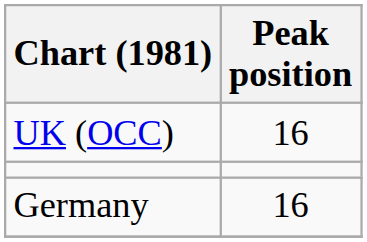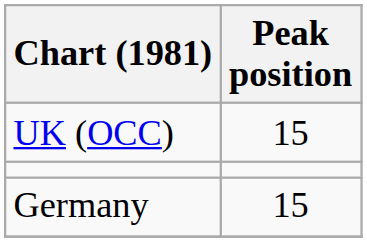 <table class="wikitable sortable">
 <tr>
 <th>Chart (1981)</th>
 <th>Peak<br>position</th>
 </tr>
 <tr>
 <td><a href='#'>UK</a> (<a href='#'>OCC</a>)</td>
-<td style="text-align:center;">16</td>
+<td style="text-align:center;">15</td>
 </tr>
 <tr>
 <td></td>
 </tr>
 <tr>
 <td>Germany</td>
-<td style="text-align:center;">16</td>
+<td style="text-align:center;">15</td>
 </tr>
 <tr>
 </tr>
 </table>
